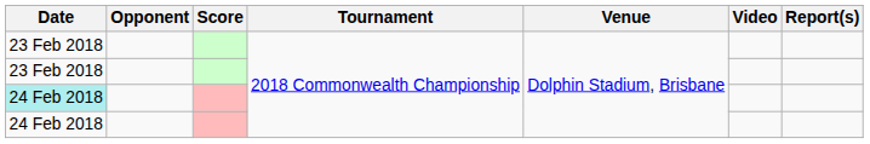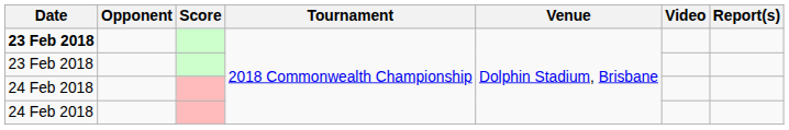 <table class=wikitable>
 <tr>
 <th>Date</th>
 <th>Opponent</th>
 <th>Score</th>
 <th>Tournament</th>
 <th>Venue</th>
 <th>Video</th>
 <th>Report(s)</th>
 </tr>
 <tr>
-<td>23 Feb 2018</td>
+<td><strong>23 Feb 2018</strong></td>
 <td></td>
 <td bgcolor="#CCFFCC"></td>
 <td rowspan=4><a href='#'>2018 Commonwealth Championship</a></td>
 <td rowspan=4> <a href='#'>Dolphin Stadium</a>, <a href='#'>Brisbane</a></td>
 <td align=center></td>
 <td align=center></td>
 </tr>
 <tr>
 <td>23 Feb 2018</td>
 <td></td>
 <td bgcolor="#CCFFCC"></td>
 <td align=center></td>
 <td align=center></td>
 </tr>
 <tr>
-<td style="background: paleturquoise;">24 Feb 2018</td>
+<td>24 Feb 2018</td>
 <td></td>
 <td bgcolor="#FFBBBB"></td>
 <td align=center></td>
 <td align=center></td>
 </tr>
 <tr>
 <td>24 Feb 2018</td>
 <td></td>
 <td bgcolor="#FFBBBB"></td>
 <td align=center></td>
 <td align=center></td>
 </tr>
 </table>
